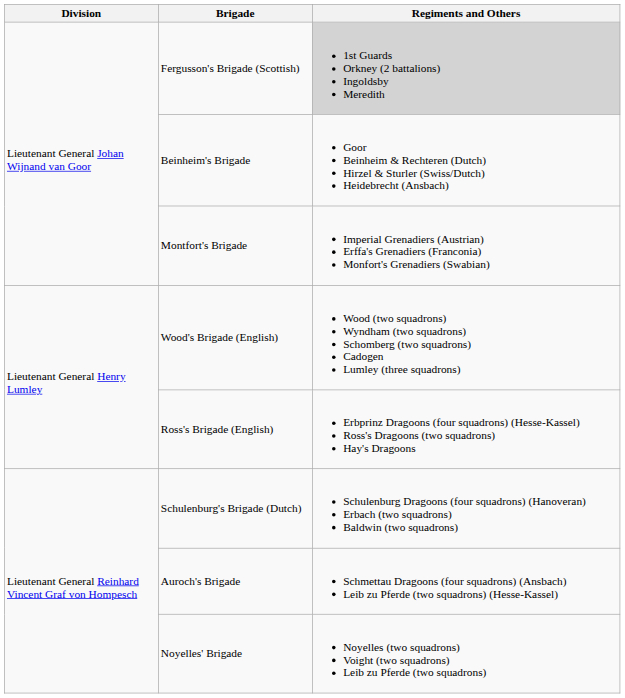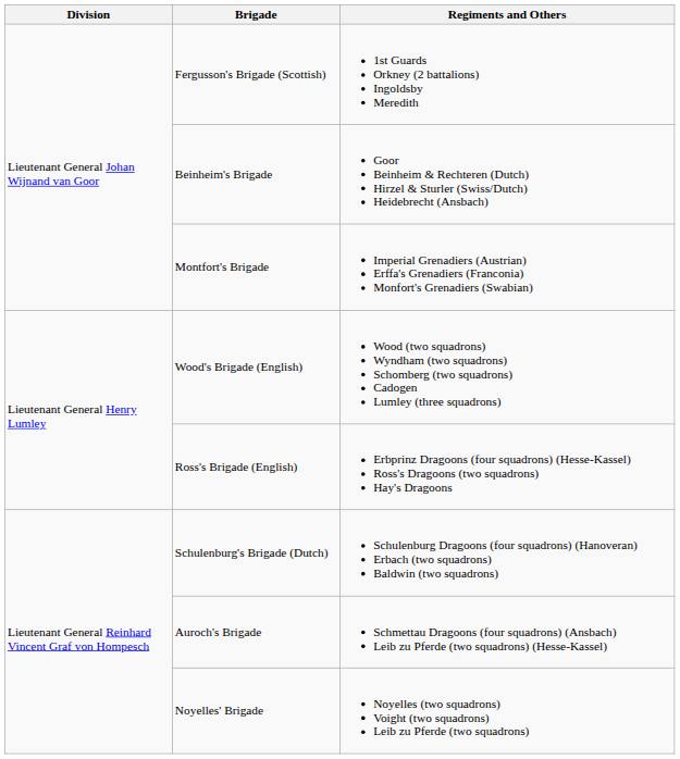 <table class="wikitable">
 <tr>
 <th width=25%>Division</th>
 <th width=25%>Brigade</th>
 <th>Regiments and Others</th>
 </tr>
 <tr>
 <td rowspan=3><br>Lieutenant General <a href='#'>Johan Wijnand van Goor</a></td>
 <td>Fergusson's Brigade (Scottish)</td>
-<td style="background: lightgrey;"><br><ul><li>1st Guards</li><li>Orkney (2 battalions)</li><li>Ingoldsby</li><li>Meredith</li></ul></td>
+<td><br><ul><li>1st Guards</li><li>Orkney (2 battalions)</li><li>Ingoldsby</li><li>Meredith</li></ul></td>
 </tr>
 <tr>
 <td>Beinheim's Brigade</td>
 <td><br><ul><li>Goor</li><li>Beinheim & Rechteren (Dutch)</li><li>Hirzel & Sturler (Swiss/Dutch)</li><li>Heidebrecht (Ansbach)</li></ul></td>
 </tr>
 <tr>
 <td>Montfort's Brigade</td>
 <td><br><ul><li>Imperial Grenadiers (Austrian)</li><li>Erffa's Grenadiers (Franconia)</li><li>Monfort's Grenadiers (Swabian)</li></ul></td>
 </tr>
 <tr>
 <td rowspan=2><br>Lieutenant General <a href='#'>Henry Lumley</a></td>
 <td>Wood's Brigade (English)</td>
 <td><br><ul><li>Wood (two squadrons)</li><li>Wyndham (two squadrons)</li><li>Schomberg (two squadrons)</li><li>Cadogen</li><li>Lumley (three squadrons)</li></ul></td>
 </tr>
 <tr>
 <td>Ross's Brigade (English)</td>
 <td><br><ul><li>Erbprinz Dragoons (four squadrons) (Hesse-Kassel)</li><li>Ross's Dragoons (two squadrons)</li><li>Hay's Dragoons</li></ul></td>
 </tr>
 <tr>
 <td rowspan=3><br>Lieutenant General <a href='#'>Reinhard Vincent Graf von Hompesch</a></td>
 <td>Schulenburg's Brigade (Dutch)</td>
 <td><br><ul><li>Schulenburg Dragoons (four squadrons) (Hanoveran)</li><li>Erbach (two squadrons)</li><li>Baldwin (two squadrons)</li></ul></td>
 </tr>
 <tr>
 <td>Auroch's Brigade</td>
 <td><br><ul><li>Schmettau Dragoons (four squadrons) (Ansbach)</li><li>Leib zu Pferde (two squadrons) (Hesse-Kassel)</li></ul></td>
 </tr>
 <tr>
 <td>Noyelles' Brigade</td>
 <td><br><ul><li>Noyelles (two squadrons)</li><li>Voight (two squadrons)</li><li>Leib zu Pferde (two squadrons)</li></ul></td>
 </tr>
 </table>
